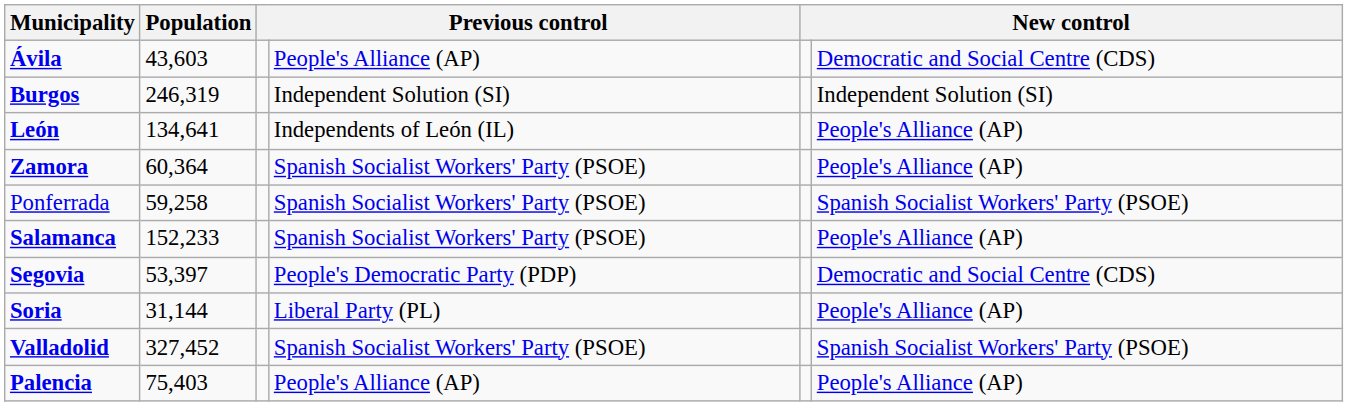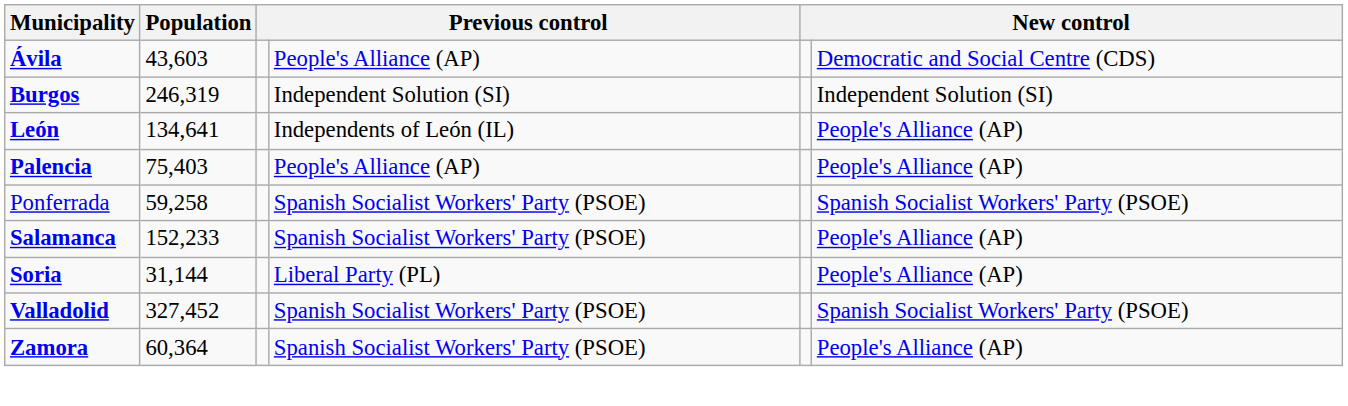 <table class="wikitable sortable">
 <tr>
 <th>Municipality</th>
 <th>Population</th>
 <th colspan="2" style="width:375px;">Previous control</th>
 <th colspan="2" style="width:375px;">New control</th>
 </tr>
 <tr>
 <td><strong><a href='#'>Ávila</a></strong></td>
 <td>43,603</td>
 <td width="1" style="color:inherit;background:"></td>
 <td><a href='#'>People's Alliance</a> (AP)</td>
 <td width="1" style="color:inherit;background:"></td>
 <td><a href='#'>Democratic and Social Centre</a> (CDS)</td>
 </tr>
 <tr>
 <td><strong><a href='#'>Burgos</a></strong></td>
 <td>246,319</td>
 <td style="color:inherit;background:"></td>
 <td>Independent Solution (SI)</td>
 <td style="color:inherit;background:"></td>
 <td>Independent Solution (SI) </td>
 </tr>
 <tr>
 <td><strong><a href='#'>León</a></strong></td>
 <td>134,641</td>
 <td style="color:inherit;background:"></td>
 <td>Independents of León (IL)</td>
 <td style="color:inherit;background:"></td>
 <td><a href='#'>People's Alliance</a> (AP)</td>
 </tr>
 <tr>
-<td><strong><a href='#'>Zamora</a></strong></td>
-<td>60,364</td>
+<td><strong><a href='#'>Palencia</a></strong></td>
+<td>75,403</td>
 <td style="color:inherit;background:"></td>
-<td><a href='#'>Spanish Socialist Workers' Party</a> (PSOE)</td>
+<td><a href='#'>People's Alliance</a> (AP)</td>
 <td style="color:inherit;background:"></td>
 <td><a href='#'>People's Alliance</a> (AP)</td>
 </tr>
 <tr>
 <td><a href='#'>Ponferrada</a></td>
 <td>59,258</td>
 <td style="color:inherit;background:"></td>
 <td><a href='#'>Spanish Socialist Workers' Party</a> (PSOE)</td>
 <td style="color:inherit;background:"></td>
 <td><a href='#'>Spanish Socialist Workers' Party</a> (PSOE)</td>
 </tr>
 <tr>
 <td><strong><a href='#'>Salamanca</a></strong></td>
 <td>152,233</td>
 <td style="color:inherit;background:"></td>
 <td><a href='#'>Spanish Socialist Workers' Party</a> (PSOE)</td>
 <td style="color:inherit;background:"></td>
 <td><a href='#'>People's Alliance</a> (AP)</td>
 </tr>
 <tr>
-<td><strong><a href='#'>Segovia</a></strong></td>
-<td>53,397</td>
-<td style="color:inherit;background:"></td>
-<td><a href='#'>People's Democratic Party</a> (PDP)</td>
-<td style="color:inherit;background:"></td>
-<td><a href='#'>Democratic and Social Centre</a> (CDS)</td>
-</tr>
-<tr>
 <td><strong><a href='#'>Soria</a></strong></td>
 <td>31,144</td>
 <td style="color:inherit;background:"></td>
 <td><a href='#'>Liberal Party</a> (PL)</td>
 <td style="color:inherit;background:"></td>
 <td><a href='#'>People's Alliance</a> (AP)</td>
 </tr>
 <tr>
 <td><strong><a href='#'>Valladolid</a></strong></td>
 <td>327,452</td>
 <td style="color:inherit;background:"></td>
 <td><a href='#'>Spanish Socialist Workers' Party</a> (PSOE)</td>
 <td style="color:inherit;background:"></td>
 <td><a href='#'>Spanish Socialist Workers' Party</a> (PSOE)</td>
 </tr>
 <tr>
-<td><strong><a href='#'>Palencia</a></strong></td>
-<td>75,403</td>
+<td><strong><a href='#'>Zamora</a></strong></td>
+<td>60,364</td>
 <td style="color:inherit;background:"></td>
-<td><a href='#'>People's Alliance</a> (AP)</td>
+<td><a href='#'>Spanish Socialist Workers' Party</a> (PSOE)</td>
 <td style="color:inherit;background:"></td>
 <td><a href='#'>People's Alliance</a> (AP)</td>
 </tr>
 </table>
